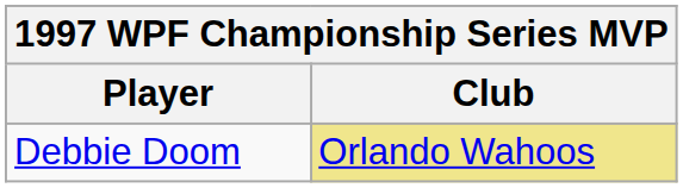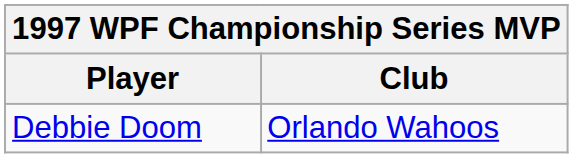 <table class="wikitable">
 <tr>
 <th colspan=3>1997 WPF Championship Series MVP</th>
 </tr>
 <tr>
 <th>Player</th>
 <th>Club</th>
 </tr>
 <tr>
 <td><a href='#'>Debbie Doom</a></td>
-<td style="background: khaki;"><a href='#'>Orlando Wahoos</a></td>
+<td><a href='#'>Orlando Wahoos</a></td>
 </tr>
 </table>
